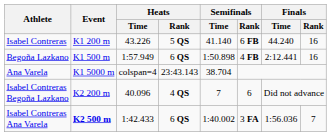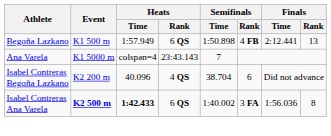 <table class="wikitable" style="font-size:90%">
 <tr>
 <th rowspan="2">Athlete</th>
 <th rowspan="2">Event</th>
 <th colspan=2>Heats</th>
 <th colspan=2>Semifinals</th>
 <th colspan=2>Finals</th>
 </tr>
 <tr style="font-size:95%">
 <th>Time</th>
 <th>Rank</th>
 <th>Time</th>
 <th>Rank</th>
 <th>Time</th>
 <th>Rank</th>
 </tr>
 <tr align=center>
-<td align=left><a href='#'>Isabel Contreras</a></td>
-<td align=left><a href='#'>K1 200 m</a></td>
-<td>43.226</td>
-<td>5 <strong>QS</strong></td>
-<td>41.140</td>
-<td>6 <strong>FB</strong></td>
-<td>44.240</td>
-<td>16</td>
-</tr>
-<tr align=center>
 <td align=left><a href='#'>Begoña Lazkano</a></td>
 <td align=left><a href='#'>K1 500 m</a></td>
 <td>1:57.949</td>
 <td>6 <strong>QS</strong></td>
 <td>1:50.898</td>
 <td>4 <strong>FB</strong></td>
 <td>2:12.441</td>
-<td>16</td>
+<td>13</td>
 </tr>
 <tr align=center>
 <td align=left><a href='#'>Ana Varela</a></td>
 <td align=left><a href='#'>K1 5000 m</a></td>
 <td>colspan=4 </td>
 <td>23:43.143</td>
-<td>38.704</td>
+<td>7</td>
 </tr>
 <tr align=center>
 <td align=left><a href='#'>Isabel Contreras</a><br><a href='#'>Begoña Lazkano</a></td>
 <td align=left><a href='#'>K2 200 m</a></td>
 <td>40.096</td>
 <td>4 <strong>QS</strong></td>
-<td>7</td>
+<td>38.704</td>
 <td>6</td>
 <td colspan=2>Did not advance</td>
 </tr>
 <tr align=center>
 <td align=left><a href='#'>Isabel Contreras</a><br><a href='#'>Ana Varela</a></td>
 <td align=left><strong><a href='#'>K2 500 m</a></strong></td>
-<td>1:42.433</td>
+<td><strong>1:42.433</strong></td>
 <td>6 <strong>QS</strong></td>
 <td>1:40.002</td>
 <td>3 <strong>FA</strong></td>
 <td>1:56.036</td>
-<td>7</td>
+<td>8</td>
 </tr>
 </table>
